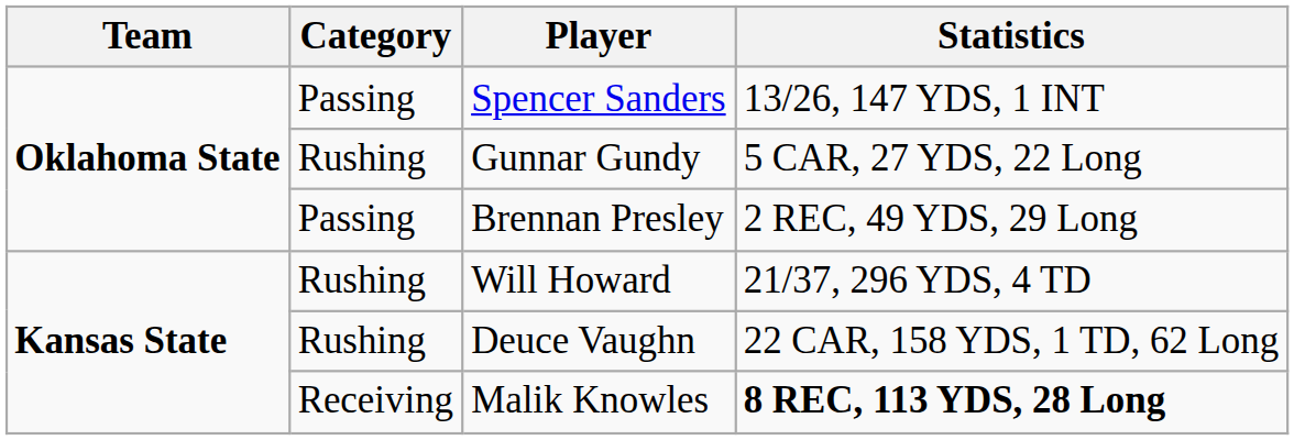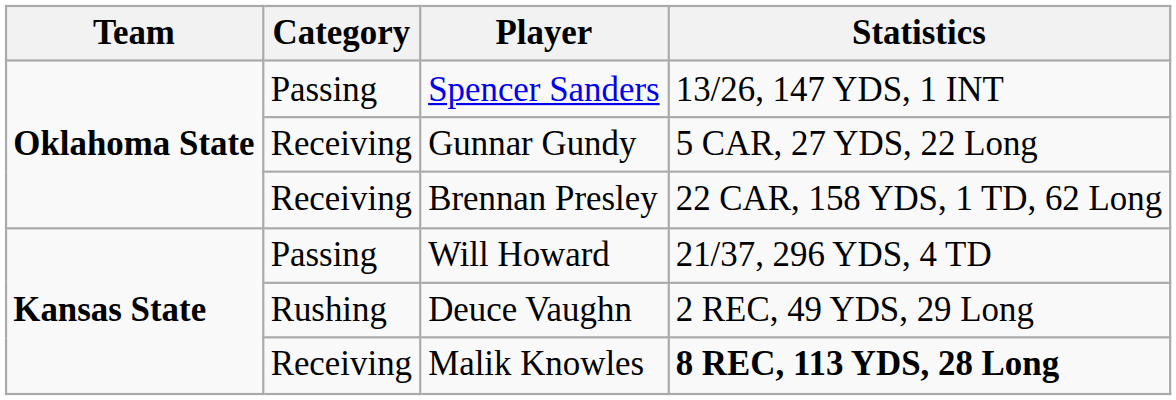 <table class="wikitable" style="float: right;">
 <tr>
 <th>Team</th>
 <th>Category</th>
 <th>Player</th>
 <th>Statistics</th>
 </tr>
 <tr>
 <td rowspan=3><strong>Oklahoma State</strong></td>
 <td>Passing</td>
 <td><a href='#'>Spencer Sanders</a></td>
 <td>13/26, 147 YDS, 1 INT</td>
 </tr>
 <tr>
-<td>Rushing</td>
+<td>Receiving</td>
 <td>Gunnar Gundy</td>
 <td>5 CAR, 27 YDS, 22 Long</td>
 </tr>
 <tr>
-<td>Passing</td>
+<td>Receiving</td>
 <td>Brennan Presley</td>
-<td>2 REC, 49 YDS, 29 Long</td>
+<td>22 CAR, 158 YDS, 1 TD, 62 Long</td>
 </tr>
 <tr>
 <td rowspan=3><strong>Kansas State</strong></td>
-<td>Rushing</td>
+<td>Passing</td>
 <td>Will Howard</td>
 <td>21/37, 296 YDS, 4 TD</td>
 </tr>
 <tr>
 <td>Rushing</td>
 <td>Deuce Vaughn</td>
-<td>22 CAR, 158 YDS, 1 TD, 62 Long</td>
+<td>2 REC, 49 YDS, 29 Long</td>
 </tr>
 <tr>
 <td>Receiving</td>
 <td>Malik Knowles</td>
 <td><strong>8 REC, 113 YDS, 28 Long</strong></td>
 </tr>
 </table>
